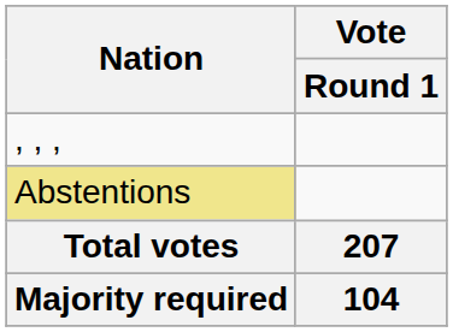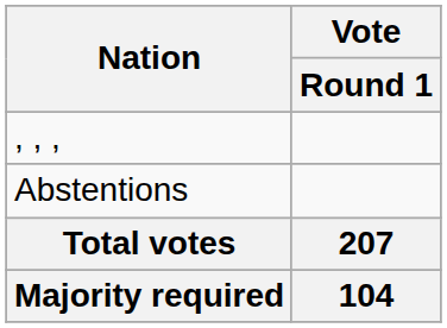 <table class="wikitable" style="margin: 0 auto;text-align: left">
 <tr>
 <th rowspan="2">Nation</th>
 <th colspan="2">Vote</th>
 </tr>
 <tr>
 <th>Round 1</th>
 </tr>
 <tr>
 <td align=left>, , , </td>
 <td></td>
 </tr>
 <tr>
-<td align=left style="background: khaki;">Abstentions</td>
+<td align=left>Abstentions</td>
 <td></td>
 </tr>
 <tr>
 <th align=left>Total votes</th>
 <th>207</th>
 </tr>
 <tr>
 <th align=left>Majority required</th>
 <th>104</th>
 </tr>
 </table>
